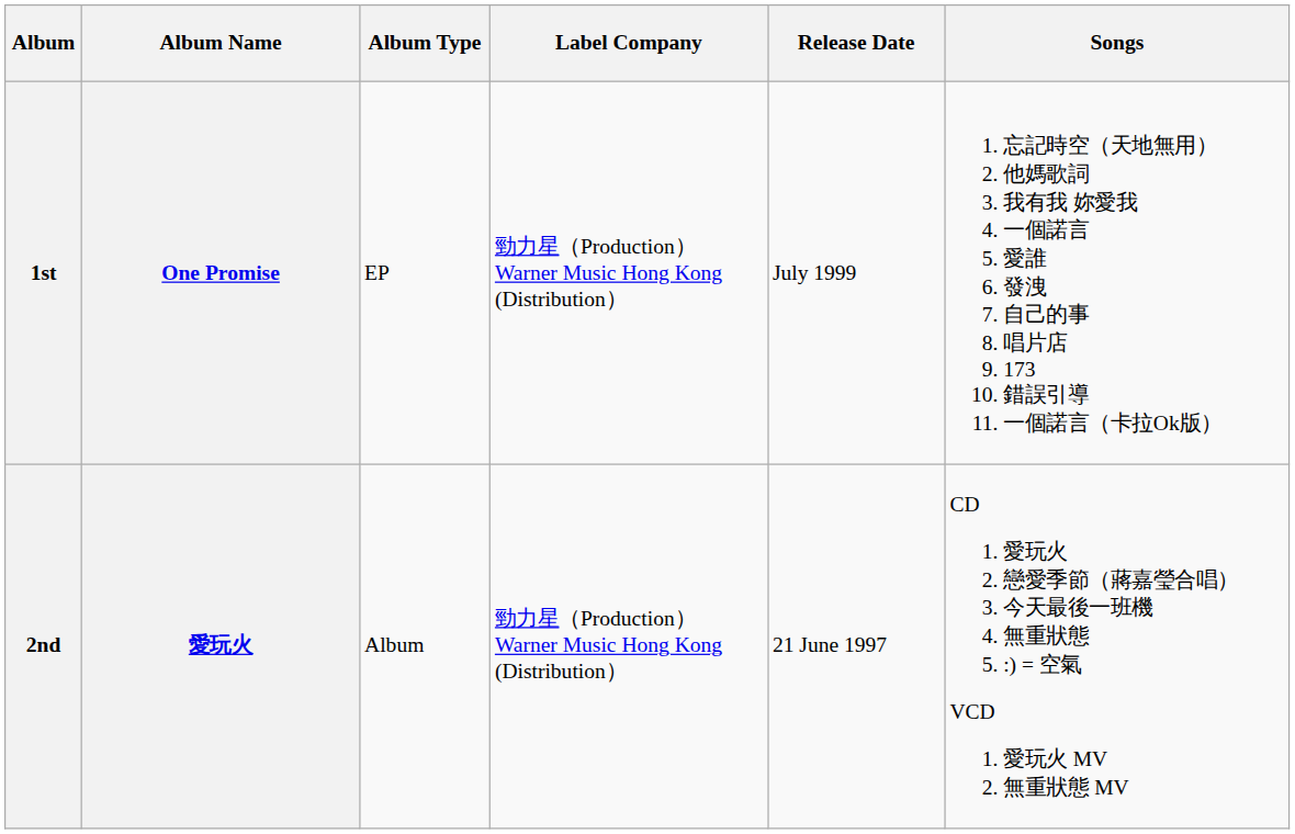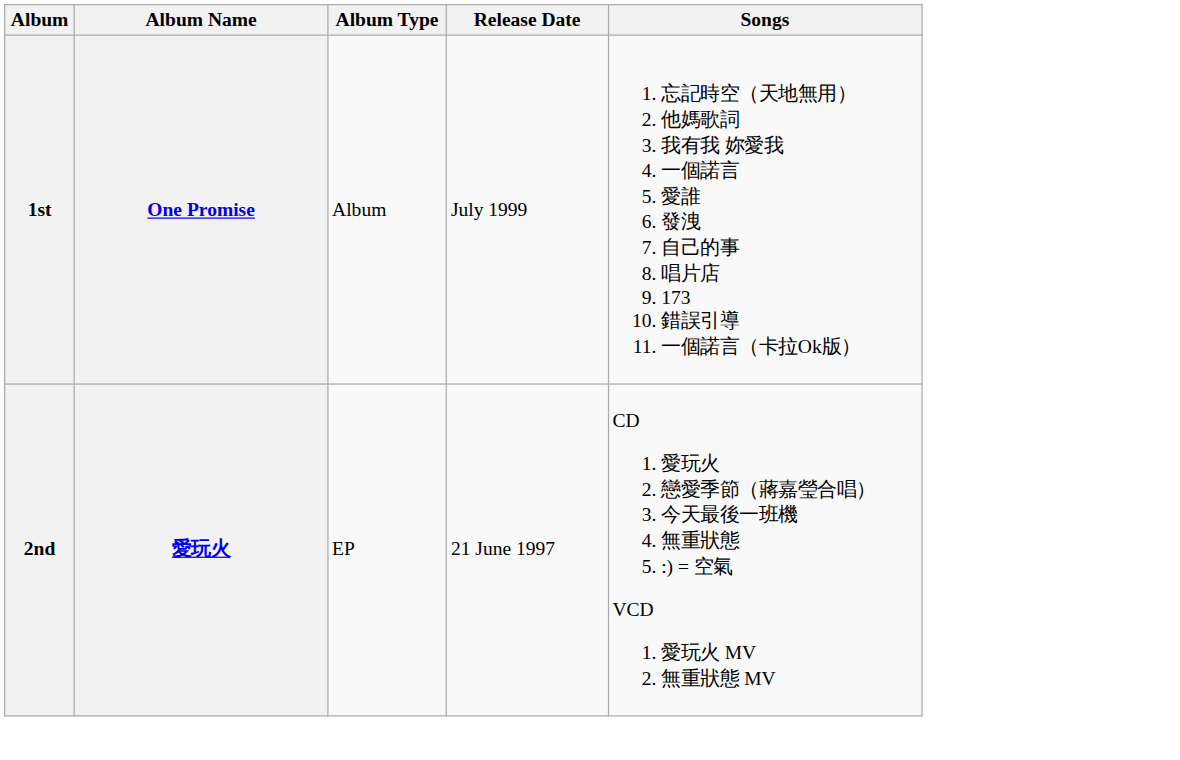 <table class="wikitable">
 <tr>
 <th width="50px" align="left">Album</th>
 <th width="200px" align="left">Album Name</th>
 <th width="90px" align="left">Album Type</th>
-<th width="200px" align="left"><blockquote>Label Company</blockquote></th>
 <th width="125px" align="left">Release Date</th>
 <th width="250px" align="left">Songs</th>
 </tr>
 <tr>
 <th>1st</th>
 <th><a href='#'>One Promise</a></th>
-<td>EP</td>
-<td><a href='#'>勁力星</a>（Production）<br><a href='#'>Warner Music Hong Kong</a> (Distribution）</td>
+<td>Album</td>
 <td>July 1999</td>
 <td><br><ol><li>忘記時空（天地無用）</li><li>他媽歌詞</li><li>我有我 妳愛我</li><li>一個諾言</li><li>愛誰</li><li>發洩</li><li>自己的事</li><li>唱片店</li><li>173</li><li>錯誤引導</li><li>一個諾言（卡拉Ok版）</li></ol></td>
 </tr>
 <tr>
 <th>2nd</th>
 <th><a href='#'>愛玩火</a></th>
-<td>Album</td>
-<td><a href='#'>勁力星</a>（Production）<br><a href='#'>Warner Music Hong Kong</a> (Distribution）</td>
+<td>EP</td>
 <td>21 June 1997</td>
 <td><br>CD<ol><li>愛玩火</li><li>戀愛季節（蔣嘉瑩合唱）</li><li>今天最後一班機</li><li>無重狀態</li><li>:) = 空氣</li></ol>VCD<ol><li>愛玩火 MV</li><li>無重狀態 MV</li></ol></td>
 </tr>
 </table>
